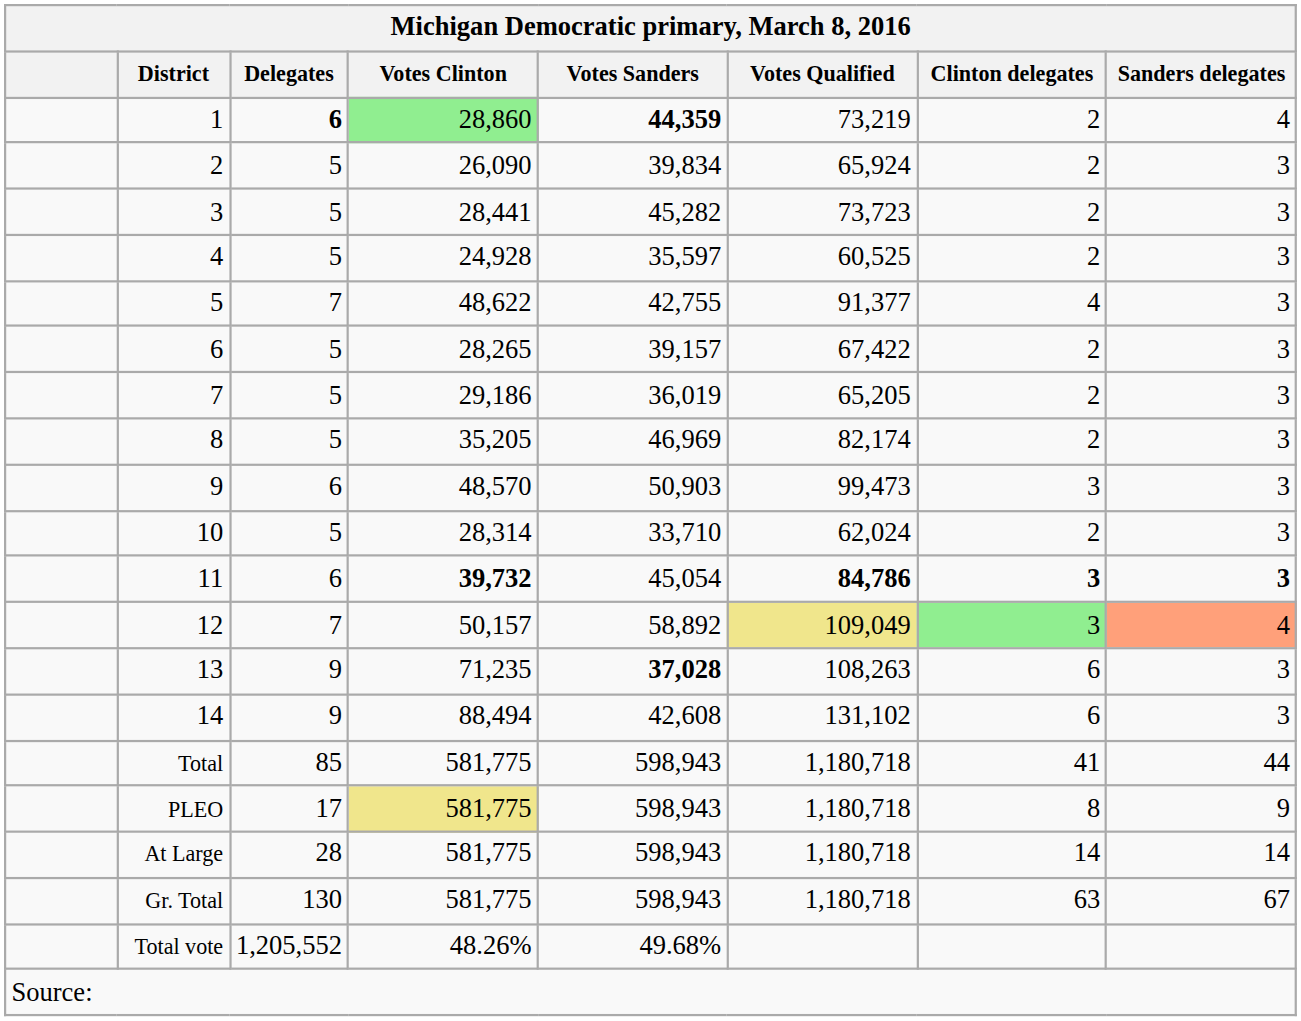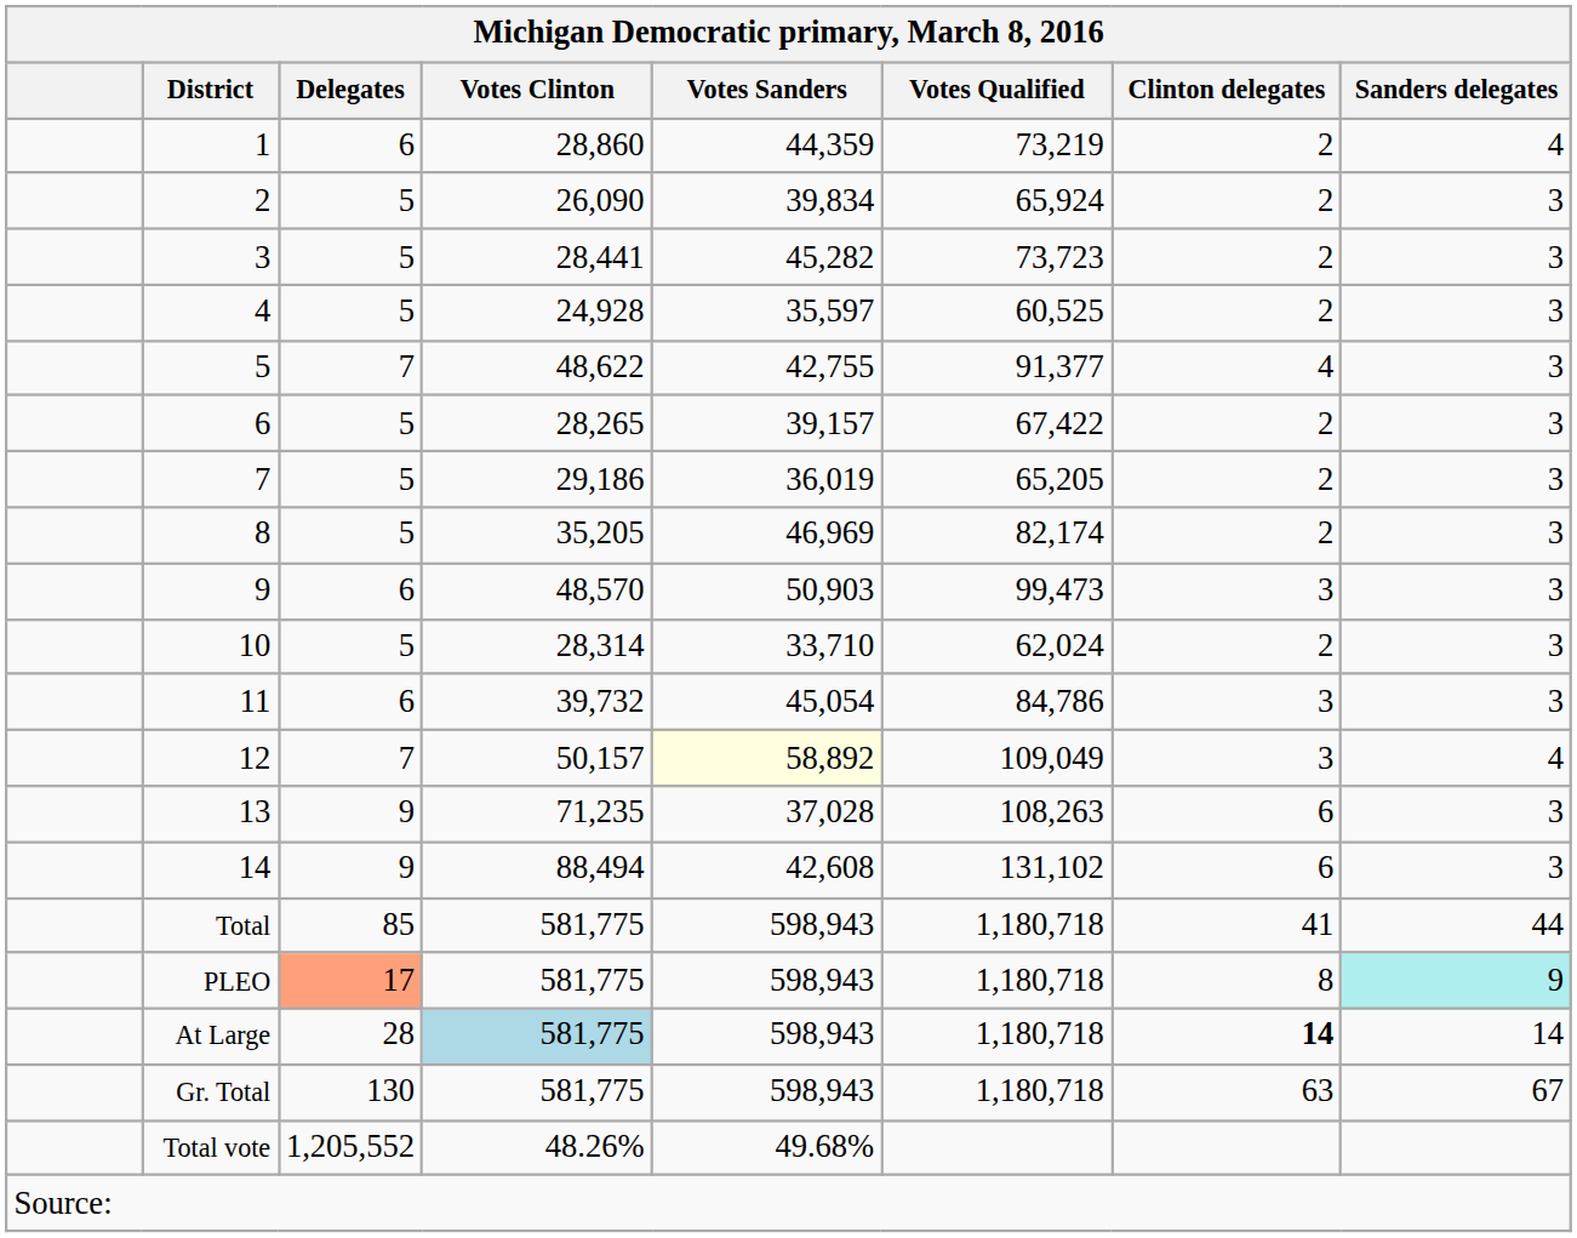 <table class="wikitable collapsible" cellpadding="5" style="text-align:right; font-size:12px;">
 <tr>
 <th colspan="8">Michigan Democratic primary, March 8, 2016</th>
 </tr>
 <tr>
 <th style="width:45px;"></th>
 <th style="width:45px;"><small>District</small></th>
 <th style="width:45px;"><small>Delegates</small></th>
 <th style="width:80px;"><small>Votes Clinton</small></th>
 <th style="width:80px;"><small>Votes Sanders</small></th>
 <th style="width:80px;"><small>Votes Qualified</small></th>
 <th style="width:80px;"><small>Clinton delegates</small></th>
 <th style="width:80px;"><small>Sanders delegates</small></th>
 </tr>
 <tr>
 <td style="text-align:left;"></td>
 <td>1</td>
-<td><strong>6</strong></td>
-<td style="background: lightgreen;">28,860</td>
-<td><strong>44,359</strong></td>
+<td>6</td>
+<td>28,860</td>
+<td>44,359</td>
 <td>73,219</td>
 <td>2</td>
 <td>4</td>
 </tr>
 <tr>
 <td style="text-align:left;"></td>
 <td>2</td>
 <td>5</td>
 <td>26,090</td>
 <td>39,834</td>
 <td>65,924</td>
 <td>2</td>
 <td>3</td>
 </tr>
 <tr>
 <td style="text-align:left;"></td>
 <td>3</td>
 <td>5</td>
 <td>28,441</td>
 <td>45,282</td>
 <td>73,723</td>
 <td>2</td>
 <td>3</td>
 </tr>
 <tr>
 <td style="text-align:left;"></td>
 <td>4</td>
 <td>5</td>
 <td>24,928</td>
 <td>35,597</td>
 <td>60,525</td>
 <td>2</td>
 <td>3</td>
 </tr>
 <tr>
 <td style="text-align:left;"></td>
 <td>5</td>
 <td>7</td>
 <td>48,622</td>
 <td>42,755</td>
 <td>91,377</td>
 <td>4</td>
 <td>3</td>
 </tr>
 <tr>
 <td style="text-align:left;"></td>
 <td>6</td>
 <td>5</td>
 <td>28,265</td>
 <td>39,157</td>
 <td>67,422</td>
 <td>2</td>
 <td>3</td>
 </tr>
 <tr>
 <td style="text-align:left;"></td>
 <td>7</td>
 <td>5</td>
 <td>29,186</td>
 <td>36,019</td>
 <td>65,205</td>
 <td>2</td>
 <td>3</td>
 </tr>
 <tr>
 <td style="text-align:left;"></td>
 <td>8</td>
 <td>5</td>
 <td>35,205</td>
 <td>46,969</td>
 <td>82,174</td>
 <td>2</td>
 <td>3</td>
 </tr>
 <tr>
 <td style="text-align:left;"></td>
 <td>9</td>
 <td>6</td>
 <td>48,570</td>
 <td>50,903</td>
 <td>99,473</td>
 <td>3</td>
 <td>3</td>
 </tr>
 <tr>
 <td style="text-align:left;"></td>
 <td>10</td>
 <td>5</td>
 <td>28,314</td>
 <td>33,710</td>
 <td>62,024</td>
 <td>2</td>
 <td>3</td>
 </tr>
 <tr>
 <td style="text-align:left;"></td>
 <td>11</td>
 <td>6</td>
-<td><strong>39,732</strong></td>
+<td>39,732</td>
 <td>45,054</td>
-<td><strong>84,786</strong></td>
-<td><strong>3</strong></td>
-<td><strong>3</strong></td>
+<td>84,786</td>
+<td>3</td>
+<td>3</td>
 </tr>
 <tr>
 <td style="text-align:left;"></td>
 <td>12</td>
 <td>7</td>
 <td>50,157</td>
-<td>58,892</td>
-<td style="background: khaki;">109,049</td>
-<td style="background: lightgreen;">3</td>
-<td style="background: lightsalmon;">4</td>
+<td style="background: lightyellow;">58,892</td>
+<td>109,049</td>
+<td>3</td>
+<td>4</td>
 </tr>
 <tr>
 <td style="text-align:left;"></td>
 <td>13</td>
 <td>9</td>
 <td>71,235</td>
-<td><strong>37,028</strong></td>
+<td>37,028</td>
 <td>108,263</td>
 <td>6</td>
 <td>3</td>
 </tr>
 <tr>
 <td style="text-align:left;"></td>
 <td>14</td>
 <td>9</td>
 <td>88,494</td>
 <td>42,608</td>
 <td>131,102</td>
 <td>6</td>
 <td>3</td>
 </tr>
 <tr>
 <td style="text-align:left;"></td>
 <td><small>Total</small></td>
 <td>85</td>
 <td>581,775</td>
 <td>598,943</td>
 <td>1,180,718</td>
 <td>41</td>
 <td>44</td>
 </tr>
 <tr>
 <td style="text-align:left;"></td>
 <td><small>PLEO</small></td>
-<td>17</td>
-<td style="background: khaki;">581,775</td>
+<td style="background: lightsalmon;">17</td>
+<td>581,775</td>
 <td>598,943</td>
 <td>1,180,718</td>
 <td>8</td>
-<td>9</td>
+<td style="background: paleturquoise;">9</td>
 </tr>
 <tr>
 <td style="text-align:left;"></td>
 <td><small>At Large</small></td>
 <td>28</td>
-<td>581,775</td>
+<td style="background: lightblue;">581,775</td>
 <td>598,943</td>
 <td>1,180,718</td>
-<td>14</td>
+<td><strong>14</strong></td>
 <td>14</td>
 </tr>
 <tr>
 <td style="text-align:left;"></td>
 <td><small>Gr. Total</small></td>
 <td>130</td>
 <td>581,775</td>
 <td>598,943</td>
 <td>1,180,718</td>
 <td>63</td>
 <td>67</td>
 </tr>
 <tr>
 <td style="text-align:left;"></td>
 <td><small>Total vote</small></td>
 <td>1,205,552</td>
 <td>48.26%</td>
 <td>49.68%</td>
 <td></td>
 <td></td>
 <td></td>
 </tr>
 <tr>
 <td colspan="8" style="text-align:left;">Source: <em></em></td>
 </tr>
 </table>
